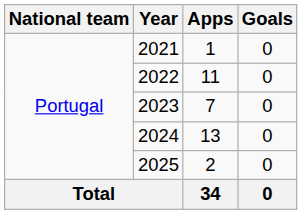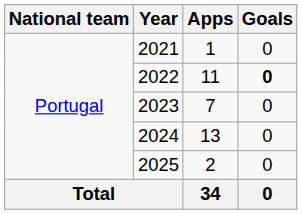 <table class="wikitable" style="text-align: center;">
 <tr>
 <th>National team</th>
 <th>Year</th>
 <th>Apps</th>
 <th>Goals</th>
 </tr>
 <tr>
 <td rowspan="5"><a href='#'>Portugal</a></td>
 <td>2021</td>
 <td>1</td>
 <td>0</td>
 </tr>
 <tr>
 <td>2022</td>
 <td>11</td>
-<td>0</td>
+<td><strong>0</strong></td>
 </tr>
 <tr>
 <td>2023</td>
 <td>7</td>
 <td>0</td>
 </tr>
 <tr>
 <td>2024</td>
 <td>13</td>
 <td>0</td>
 </tr>
 <tr>
 <td>2025</td>
 <td>2</td>
 <td>0</td>
 </tr>
 <tr>
 <th colspan="2">Total</th>
 <th>34</th>
 <th>0</th>
 </tr>
 </table>
